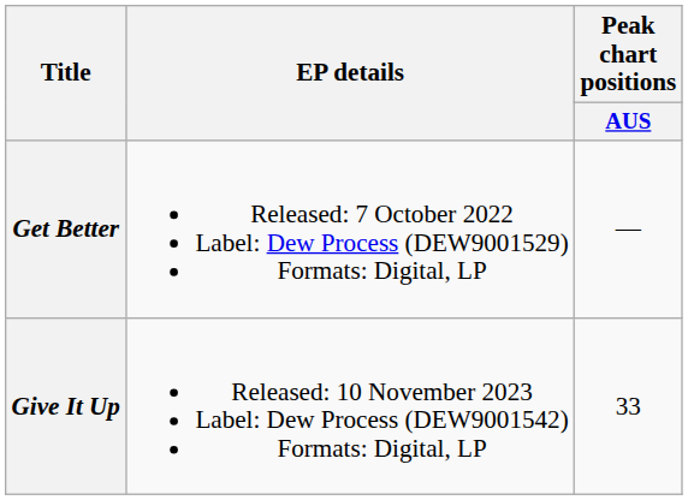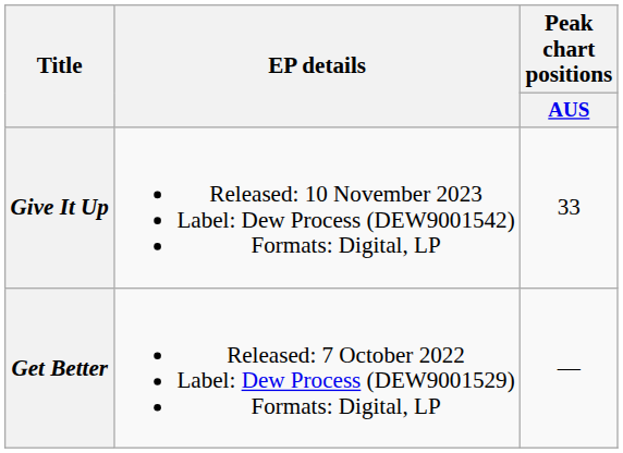 <table class="wikitable plainrowheaders" style="text-align:center">
 <tr>
 <th scope="col" rowspan="2">Title</th>
 <th scope="col" rowspan="2">EP details</th>
 <th scope="col" colspan="1">Peak chart positions</th>
 </tr>
 <tr>
 <th scope="col" style="width:3em; font-size:90%"><a href='#'>AUS</a><br></th>
 </tr>
 <tr>
+<th scope="row"><em>Give It Up</em></th>
+<td><br><ul><li>Released: 10 November 2023</li><li>Label: Dew Process (DEW9001542)</li><li>Formats: Digital, LP</li></ul></td>
+<td>33</td>
+</tr>
+<tr>
 <th scope="row"><em>Get Better</em></th>
 <td><br><ul><li>Released: 7 October 2022</li><li>Label: <a href='#'>Dew Process</a> (DEW9001529)</li><li>Formats: Digital, LP</li></ul></td>
 <td>—</td>
 </tr>
-<tr>
-<th scope="row"><em>Give It Up</em></th>
-<td><br><ul><li>Released: 10 November 2023</li><li>Label: Dew Process (DEW9001542)</li><li>Formats: Digital, LP</li></ul></td>
-<td>33</td>
-</tr>
 </table>
